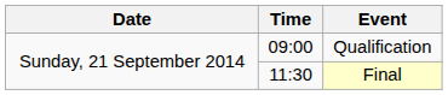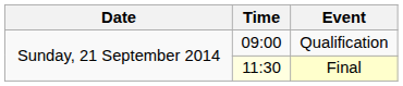 <table class = "wikitable" style="text-align:center;">
 <tr>
 <th width=220>Date</th>
 <th width=50>Time</th>
 <th width=100>Event</th>
 </tr>
 <tr>
 <td rowspan=2>Sunday, 21 September 2014</td>
 <td>09:00</td>
 <td>Qualification</td>
 </tr>
 <tr>
-<td>11:30</td>
+<td style="background: lightyellow;">11:30</td>
 <td bgcolor=ffffcc>Final</td>
 </tr>
 </table>
